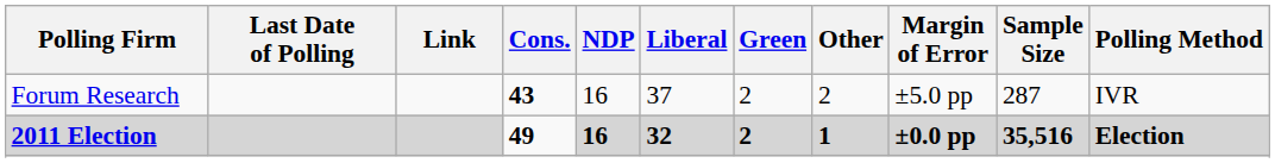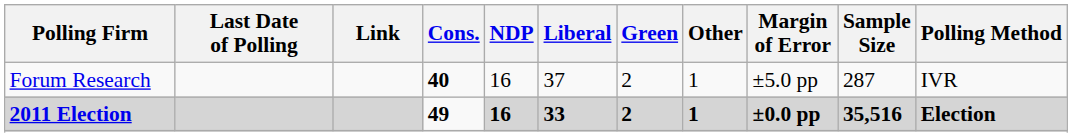 <table class="wikitable sortable">
 <tr style="background:#e9e9e9;">
 <th style="width:120px">Polling Firm</th>
 <th style="width:110px">Last Date<br>of Polling</th>
 <th style="width:60px" class="unsortable">Link</th>
 <th style="background-color:"><strong><a href='#'>Cons.</a></strong></th>
 <th style="background-color:"><strong><a href='#'>NDP</a></strong></th>
 <th style="background-color:"><strong><a href='#'>Liberal</a></strong></th>
 <th style="background-color:"><strong><a href='#'>Green</a></strong></th>
 <th style="background-color:"><strong>Other</strong></th>
 <th style="width:60px;" class=unsortable>Margin<br>of Error</th>
 <th style="width:50px;" class=unsortable>Sample<br>Size</th>
 <th class=unsortable>Polling Method</th>
 </tr>
 <tr>
 <td><a href='#'>Forum Research</a></td>
 <td></td>
 <td></td>
-<td><strong>43</strong></td>
+<td><strong>40</strong></td>
 <td>16</td>
 <td>37</td>
 <td>2</td>
-<td>2</td>
+<td>1</td>
 <td>±5.0 pp</td>
 <td>287</td>
 <td>IVR</td>
 </tr>
 <tr>
 <td style="background:#D5D5D5"><strong><a href='#'>2011 Election</a></strong></td>
 <td style="background:#D5D5D5"><strong></strong></td>
 <td style="background:#D5D5D5"></td>
 <td><strong>49</strong></td>
 <td style="background:#D5D5D5"><strong>16</strong></td>
-<td style="background:#D5D5D5"><strong>32</strong></td>
+<td style="background:#D5D5D5"><strong>33</strong></td>
 <td style="background:#D5D5D5"><strong>2</strong></td>
 <td style="background:#D5D5D5"><strong>1</strong></td>
 <td style="background:#D5D5D5"><strong>±0.0 pp</strong></td>
 <td style="background:#D5D5D5"><strong>35,516</strong></td>
 <td style="background:#D5D5D5"><strong>Election</strong></td>
 </tr>
 <tr>
 </tr>
 <tr>
 </tr>
 </table>
